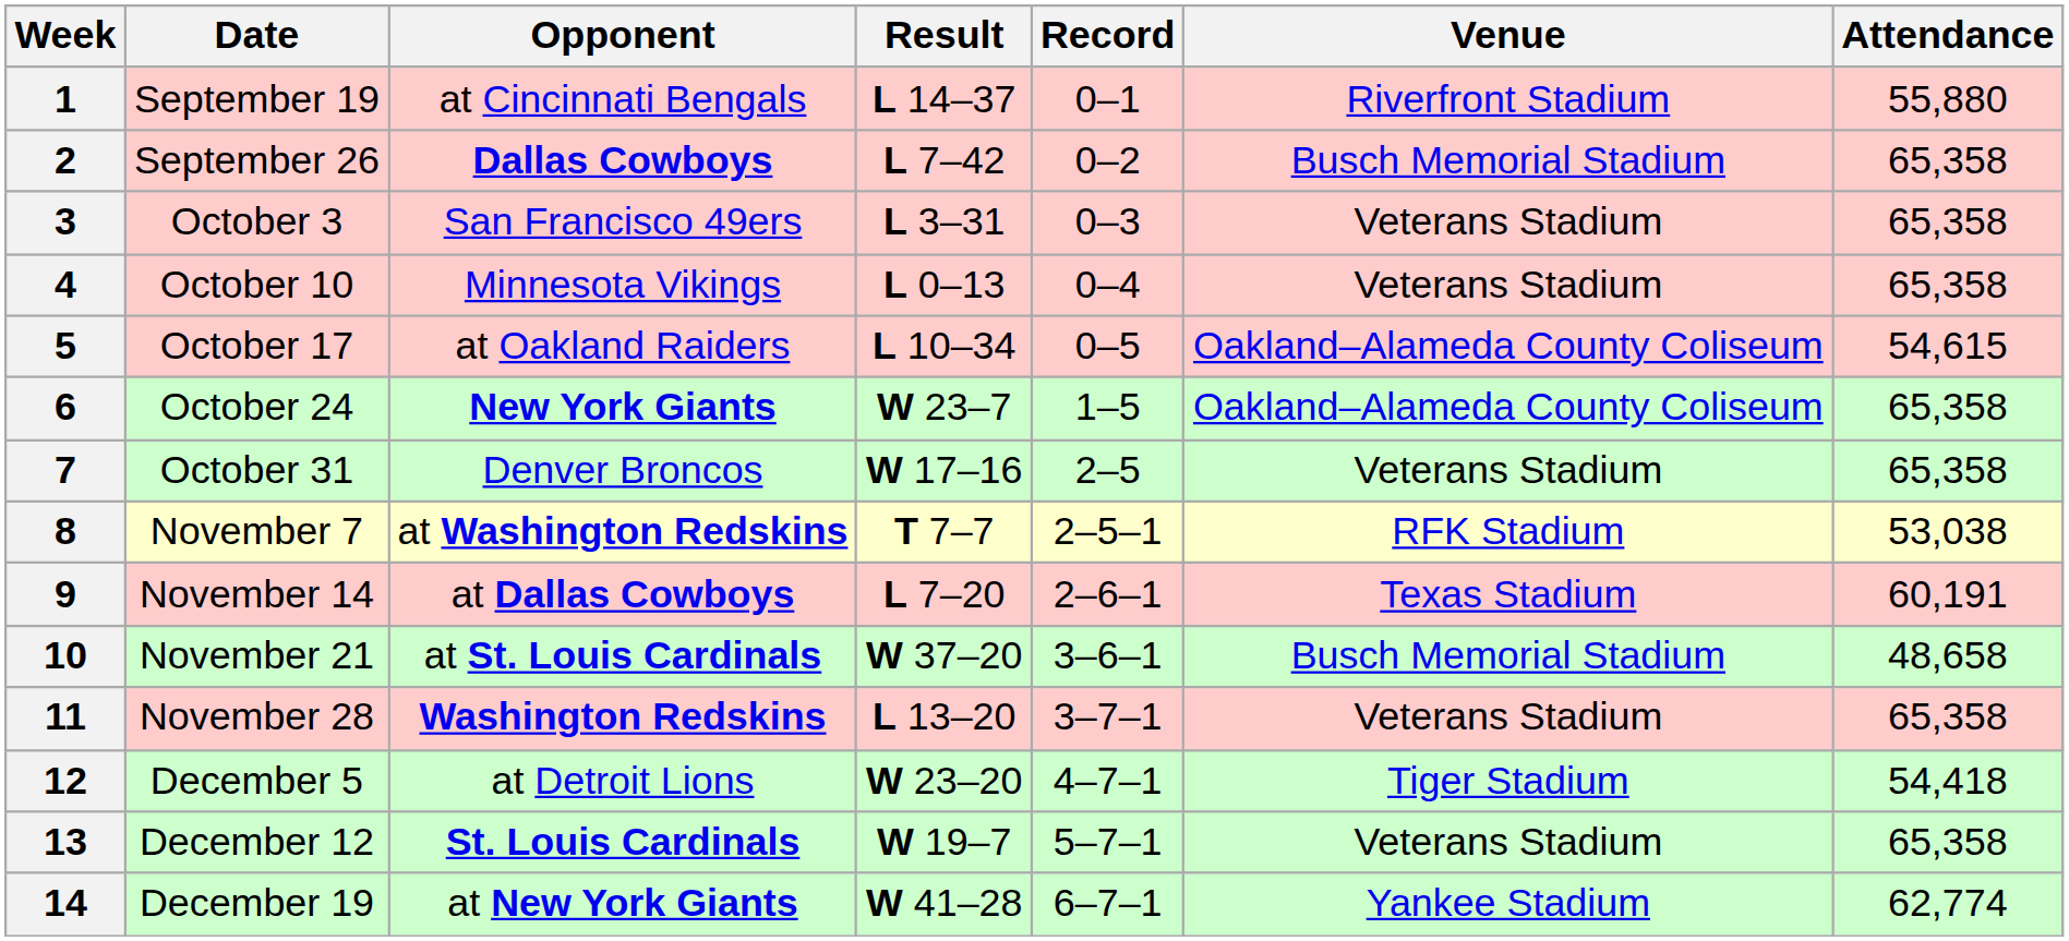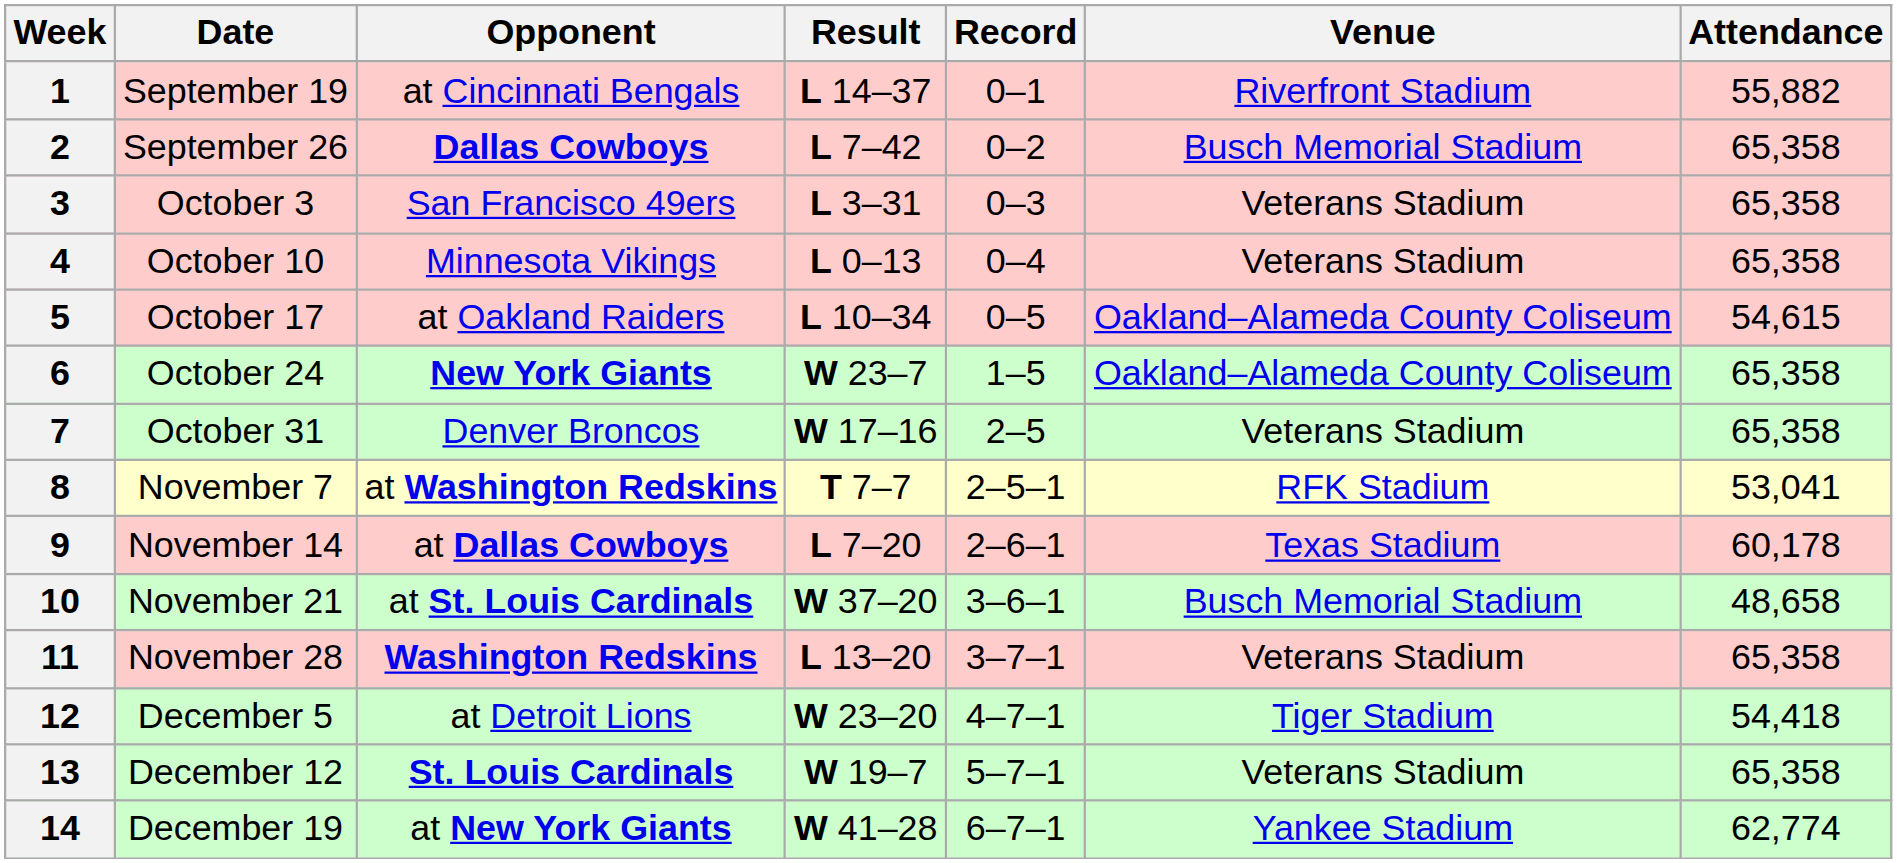 <table class="wikitable" style="text-align:center">
 <tr>
 <th>Week</th>
 <th>Date</th>
 <th>Opponent</th>
 <th>Result</th>
 <th>Record</th>
 <th>Venue</th>
 <th>Attendance</th>
 </tr>
 <tr style="background:#fcc">
 <th>1</th>
 <td>September 19</td>
 <td>at <a href='#'>Cincinnati Bengals</a></td>
 <td><strong>L</strong> 14–37</td>
 <td>0–1</td>
 <td><a href='#'>Riverfront Stadium</a></td>
-<td>55,880</td>
+<td>55,882</td>
 </tr>
 <tr style="background:#fcc">
 <th>2</th>
 <td>September 26</td>
 <td><strong><a href='#'>Dallas Cowboys</a></strong></td>
 <td><strong>L</strong> 7–42</td>
 <td>0–2</td>
 <td><a href='#'>Busch Memorial Stadium</a></td>
 <td>65,358</td>
 </tr>
 <tr style="background:#fcc">
 <th>3</th>
 <td>October 3</td>
 <td><a href='#'>San Francisco 49ers</a></td>
 <td><strong>L</strong> 3–31</td>
 <td>0–3</td>
 <td>Veterans Stadium</td>
 <td>65,358</td>
 </tr>
 <tr style="background:#fcc">
 <th>4</th>
 <td>October 10</td>
 <td><a href='#'>Minnesota Vikings</a></td>
 <td><strong>L</strong> 0–13</td>
 <td>0–4</td>
 <td>Veterans Stadium</td>
 <td>65,358</td>
 </tr>
 <tr style="background:#fcc">
 <th>5</th>
 <td>October 17</td>
 <td>at <a href='#'>Oakland Raiders</a></td>
 <td><strong>L</strong> 10–34</td>
 <td>0–5</td>
 <td><a href='#'>Oakland–Alameda County Coliseum</a></td>
 <td>54,615</td>
 </tr>
 <tr style="background:#cfc">
 <th>6</th>
 <td>October 24</td>
 <td><strong><a href='#'>New York Giants</a></strong></td>
 <td><strong>W</strong> 23–7</td>
 <td>1–5</td>
 <td><a href='#'>Oakland–Alameda County Coliseum</a></td>
 <td>65,358</td>
 </tr>
 <tr style="background:#cfc">
 <th>7</th>
 <td>October 31</td>
 <td><a href='#'>Denver Broncos</a></td>
 <td><strong>W</strong> 17–16</td>
 <td>2–5</td>
 <td>Veterans Stadium</td>
 <td>65,358</td>
 </tr>
 <tr style="background:#ffc">
 <th>8</th>
 <td>November 7</td>
 <td>at <strong><a href='#'>Washington Redskins</a></strong></td>
 <td><strong>T</strong> 7–7</td>
 <td>2–5–1</td>
 <td><a href='#'>RFK Stadium</a></td>
-<td>53,038</td>
+<td>53,041</td>
 </tr>
 <tr style="background:#fcc">
 <th>9</th>
 <td>November 14</td>
 <td>at <strong><a href='#'>Dallas Cowboys</a></strong></td>
 <td><strong>L</strong> 7–20</td>
 <td>2–6–1</td>
 <td><a href='#'>Texas Stadium</a></td>
-<td>60,191</td>
+<td>60,178</td>
 </tr>
 <tr style="background:#cfc">
 <th>10</th>
 <td>November 21</td>
 <td>at <strong><a href='#'>St. Louis Cardinals</a></strong></td>
 <td><strong>W</strong> 37–20</td>
 <td>3–6–1</td>
 <td><a href='#'>Busch Memorial Stadium</a></td>
 <td>48,658</td>
 </tr>
 <tr style="background:#fcc">
 <th>11</th>
 <td>November 28</td>
 <td><strong><a href='#'>Washington Redskins</a></strong></td>
 <td><strong>L</strong> 13–20</td>
 <td>3–7–1</td>
 <td>Veterans Stadium</td>
 <td>65,358</td>
 </tr>
 <tr style="background:#cfc">
 <th>12</th>
 <td>December 5</td>
 <td>at <a href='#'>Detroit Lions</a></td>
 <td><strong>W</strong> 23–20</td>
 <td>4–7–1</td>
 <td><a href='#'>Tiger Stadium</a></td>
 <td>54,418</td>
 </tr>
 <tr style="background: #cfc">
 <th>13</th>
 <td>December 12</td>
 <td><strong><a href='#'>St. Louis Cardinals</a></strong></td>
 <td><strong>W</strong> 19–7</td>
 <td>5–7–1</td>
 <td>Veterans Stadium</td>
 <td>65,358</td>
 </tr>
 <tr style="background:#cfc">
 <th>14</th>
 <td>December 19</td>
 <td>at <strong><a href='#'>New York Giants</a></strong></td>
 <td><strong>W</strong> 41–28</td>
 <td>6–7–1</td>
 <td><a href='#'>Yankee Stadium</a></td>
 <td>62,774</td>
 </tr>
 </table>
